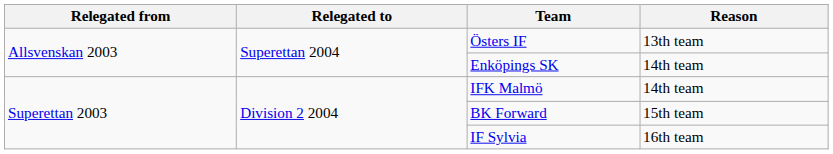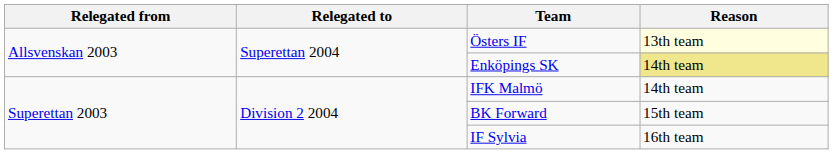 <table class="wikitable" style="text-align: left;">
 <tr>
 <th style="width: 275px;">Relegated from</th>
 <th style="width: 275px;">Relegated to</th>
 <th style="width: 200px;">Team</th>
 <th style="width: 225px;">Reason</th>
 </tr>
 <tr>
 <td rowspan=2><a href='#'>Allsvenskan</a> 2003</td>
 <td rowspan=2><a href='#'>Superettan</a> 2004</td>
 <td><a href='#'>Östers IF</a></td>
-<td>13th team</td>
+<td style="background: lightyellow;">13th team</td>
 </tr>
 <tr>
 <td><a href='#'>Enköpings SK</a></td>
-<td>14th team</td>
+<td style="background: khaki;">14th team</td>
 </tr>
 <tr>
 <td rowspan=3><a href='#'>Superettan</a> 2003</td>
 <td rowspan=3><a href='#'>Division 2</a> 2004</td>
 <td><a href='#'>IFK Malmö</a></td>
 <td>14th team</td>
 </tr>
 <tr>
 <td><a href='#'>BK Forward</a></td>
 <td>15th team</td>
 </tr>
 <tr>
 <td><a href='#'>IF Sylvia</a></td>
 <td>16th team</td>
 </tr>
 </table>
